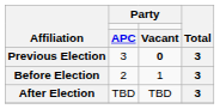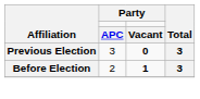 <table class=wikitable style="text-align:center">
 <tr style="vertical-align:bottom;">
 <th rowspan=3>Affiliation</th>
 <th colspan=2>Party</th>
 <th rowspan=3>Total</th>
 </tr>
 <tr>
 <td style="background-color:"></td>
 <td style="background-color:"></td>
 </tr>
 <tr>
 <th><a href='#'>APC</a></th>
 <th>Vacant</th>
 </tr>
 <tr>
 <th>Previous Election</th>
 <td>3</td>
 <td><strong>0</strong></td>
 <th>3</th>
 </tr>
 <tr>
 <th>Before Election</th>
 <td>2</td>
-<td>1</td>
-<th>3</th>
-</tr>
-<tr>
-<th>After Election</th>
-<td>TBD</td>
-<td>TBD</td>
+<td><strong>1</strong></td>
 <th>3</th>
 </tr>
 <tr>
 </tr>
 </table>
